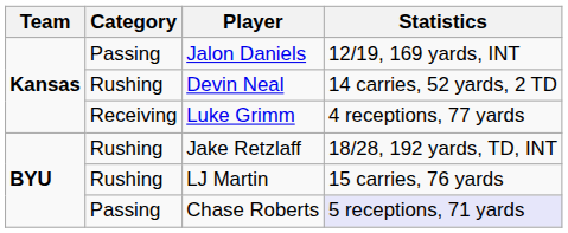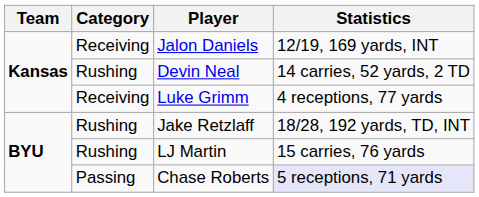 <table class="wikitable" style="float: right;">
 <tr>
 <th>Team</th>
 <th>Category</th>
 <th>Player</th>
 <th>Statistics</th>
 </tr>
 <tr>
 <td rowspan=3><strong>Kansas</strong></td>
-<td>Passing</td>
+<td>Receiving</td>
 <td><a href='#'>Jalon Daniels</a></td>
 <td>12/19, 169 yards, INT</td>
 </tr>
 <tr>
 <td>Rushing</td>
 <td><a href='#'>Devin Neal</a></td>
 <td>14 carries, 52 yards, 2 TD</td>
 </tr>
 <tr>
 <td>Receiving</td>
 <td><a href='#'>Luke Grimm</a></td>
 <td>4 receptions, 77 yards</td>
 </tr>
 <tr>
 <td rowspan=3><strong>BYU</strong></td>
 <td>Rushing</td>
 <td>Jake Retzlaff</td>
 <td>18/28, 192 yards, TD, INT</td>
 </tr>
 <tr>
 <td>Rushing</td>
 <td>LJ Martin</td>
 <td>15 carries, 76 yards</td>
 </tr>
 <tr>
 <td>Passing</td>
 <td>Chase Roberts</td>
 <td style="background: lavender;">5 receptions, 71 yards</td>
 </tr>
 </table>
